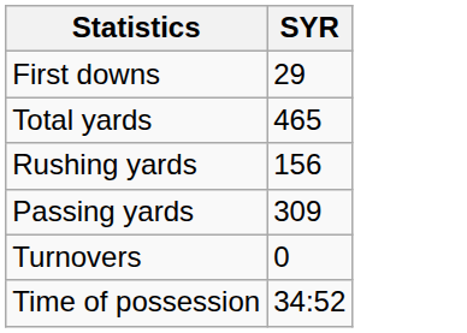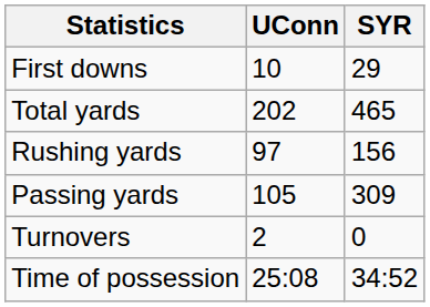 <table class="wikitable">
 <tr>
 <th>Statistics</th>
+<th>UConn</th>
 <th>SYR</th>
 </tr>
 <tr>
 <td>First downs</td>
+<td>10</td>
 <td>29</td>
 </tr>
 <tr>
 <td>Total yards</td>
+<td>202</td>
 <td>465</td>
 </tr>
 <tr>
 <td>Rushing yards</td>
+<td>97</td>
 <td>156</td>
 </tr>
 <tr>
 <td>Passing yards</td>
+<td>105</td>
 <td>309</td>
 </tr>
 <tr>
 <td>Turnovers</td>
+<td>2</td>
 <td>0</td>
 </tr>
 <tr>
 <td>Time of possession</td>
+<td>25:08</td>
 <td>34:52</td>
 </tr>
 </table>
